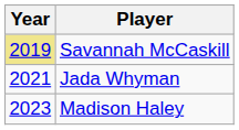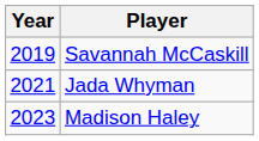 <table class="wikitable">
 <tr>
 <th>Year</th>
 <th>Player</th>
 </tr>
 <tr>
-<td style="background: khaki;"><a href='#'>2019</a></td>
+<td><a href='#'>2019</a></td>
 <td> <a href='#'>Savannah McCaskill</a></td>
 </tr>
 <tr>
 <td><a href='#'>2021</a></td>
 <td> <a href='#'>Jada Whyman</a></td>
 </tr>
 <tr>
 <td><a href='#'>2023</a></td>
 <td> <a href='#'>Madison Haley</a></td>
 </tr>
 </table>
